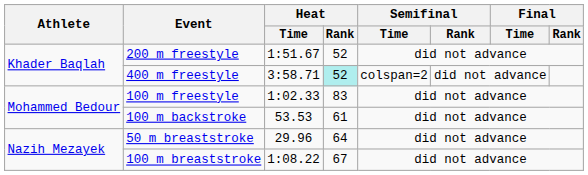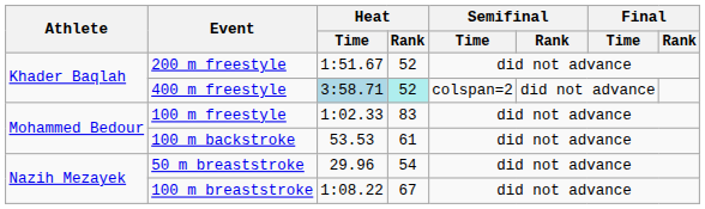 <table class=wikitable style="font-size:90%">
 <tr>
 <th rowspan="2">Athlete</th>
 <th rowspan="2">Event</th>
 <th colspan="2">Heat</th>
 <th colspan="2">Semifinal</th>
 <th colspan="2">Final</th>
 </tr>
 <tr style="font-size:95%">
 <th>Time</th>
 <th>Rank</th>
 <th>Time</th>
 <th>Rank</th>
 <th>Time</th>
 <th>Rank</th>
 </tr>
 <tr align=center>
 <td align=left rowspan=2><a href='#'>Khader Baqlah</a></td>
 <td align=left><a href='#'>200 m freestyle</a></td>
 <td>1:51.67</td>
 <td>52</td>
 <td colspan=4>did not advance</td>
 </tr>
 <tr align=center>
 <td align=left><a href='#'>400 m freestyle</a></td>
-<td>3:58.71</td>
+<td style="background: lightblue;">3:58.71</td>
 <td style="background: paleturquoise;">52</td>
 <td>colspan=2 </td>
 <td colspan=2>did not advance</td>
 </tr>
 <tr align=center>
 <td align=left rowspan=2><a href='#'>Mohammed Bedour</a></td>
 <td align=left><a href='#'>100 m freestyle</a></td>
 <td>1:02.33</td>
 <td>83</td>
 <td colspan=4>did not advance</td>
 </tr>
 <tr align=center>
 <td align=left><a href='#'>100 m backstroke</a></td>
 <td>53.53</td>
 <td>61</td>
 <td colspan=4>did not advance</td>
 </tr>
 <tr align=center>
 <td align=left rowspan=2><a href='#'>Nazih Mezayek</a></td>
 <td align=left><a href='#'>50 m breaststroke</a></td>
 <td>29.96</td>
-<td>64</td>
+<td>54</td>
 <td colspan=4>did not advance</td>
 </tr>
 <tr align=center>
 <td align=left><a href='#'>100 m breaststroke</a></td>
 <td>1:08.22</td>
 <td>67</td>
 <td colspan=4>did not advance</td>
 </tr>
 </table>
